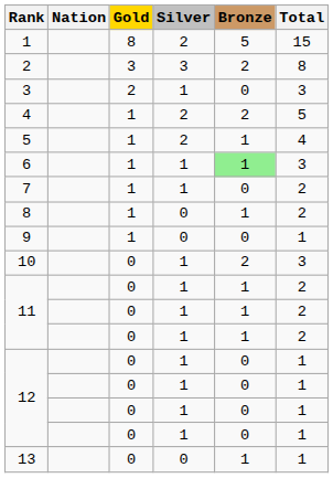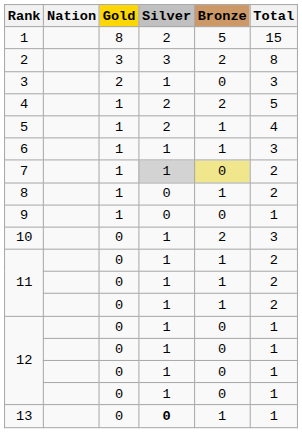 <table class="wikitable sortable" style="text-align:center">
 <tr>
 <th class="unsortable">Rank</th>
 <th>Nation</th>
 <th style="background-color:gold">Gold</th>
 <th style="background-color:silver">Silver</th>
 <th style="background-color:#cc9966">Bronze</th>
 <th>Total</th>
 </tr>
 <tr>
 <td>1</td>
 <td align=left></td>
 <td>8</td>
 <td>2</td>
 <td>5</td>
 <td>15</td>
 </tr>
 <tr>
 <td>2</td>
 <td align=left></td>
 <td>3</td>
 <td>3</td>
 <td>2</td>
 <td>8</td>
 </tr>
 <tr>
 <td>3</td>
 <td align=left></td>
 <td>2</td>
 <td>1</td>
 <td>0</td>
 <td>3</td>
 </tr>
 <tr>
 <td>4</td>
 <td align="left"></td>
 <td>1</td>
 <td>2</td>
 <td>2</td>
 <td>5</td>
 </tr>
 <tr>
 <td>5</td>
 <td align="left"></td>
 <td>1</td>
 <td>2</td>
 <td>1</td>
 <td>4</td>
 </tr>
 <tr>
 <td>6</td>
 <td align="left"></td>
 <td>1</td>
 <td>1</td>
-<td style="background: lightgreen;">1</td>
+<td>1</td>
 <td>3</td>
 </tr>
 <tr>
 <td>7</td>
 <td align="left"></td>
 <td>1</td>
-<td>1</td>
-<td>0</td>
+<td style="background: lightgrey;">1</td>
+<td style="background: khaki;">0</td>
 <td>2</td>
 </tr>
 <tr>
 <td>8</td>
 <td align="left"></td>
 <td>1</td>
 <td>0</td>
 <td>1</td>
 <td>2</td>
 </tr>
 <tr>
 <td>9</td>
 <td align="left"></td>
 <td>1</td>
 <td>0</td>
 <td>0</td>
 <td>1</td>
 </tr>
 <tr>
 <td>10</td>
 <td align="left"></td>
 <td>0</td>
 <td>1</td>
 <td>2</td>
 <td>3</td>
 </tr>
 <tr>
 <td rowspan="3">11</td>
 <td align="left"></td>
 <td>0</td>
 <td>1</td>
 <td>1</td>
 <td>2</td>
 </tr>
 <tr>
 <td align="left"></td>
 <td>0</td>
 <td>1</td>
 <td>1</td>
 <td>2</td>
 </tr>
 <tr>
 <td align="left"></td>
 <td>0</td>
 <td>1</td>
 <td>1</td>
 <td>2</td>
 </tr>
 <tr>
 <td rowspan="4">12</td>
 <td align="left"></td>
 <td>0</td>
 <td>1</td>
 <td>0</td>
 <td>1</td>
 </tr>
 <tr>
 <td align="left"></td>
 <td>0</td>
 <td>1</td>
 <td>0</td>
 <td>1</td>
 </tr>
 <tr>
 <td align="left"></td>
 <td>0</td>
 <td>1</td>
 <td>0</td>
 <td>1</td>
 </tr>
 <tr>
 <td align="left"></td>
 <td>0</td>
 <td>1</td>
 <td>0</td>
 <td>1</td>
 </tr>
 <tr>
 <td>13</td>
 <td align=left></td>
 <td>0</td>
-<td>0</td>
+<td><strong>0</strong></td>
 <td>1</td>
 <td>1</td>
 </tr>
 </table>
